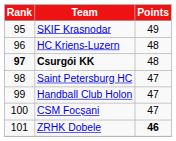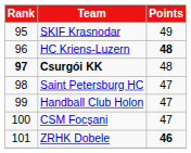 <table class="wikitable" style="text-align: center">
 <tr>
 <th style="color:#FFFFFF; background:#ee1212">Rank</th>
 <th style="color:#FFFFFF; background:#ee1212">Team</th>
 <th style="color:#FFFFFF; background:#ee1212">Points</th>
 </tr>
 <tr>
 <td>95</td>
 <td align=left> <a href='#'>SKIF Krasnodar</a></td>
 <td>49</td>
 </tr>
 <tr>
 <td>96</td>
 <td align=left> <a href='#'>HC Kriens-Luzern</a></td>
-<td>48</td>
+<td><strong>48</strong></td>
 </tr>
 <tr>
 <td><strong>97</strong></td>
 <td align=left> <strong>Csurgói KK</strong></td>
 <td>48</td>
 </tr>
 <tr>
 <td>98</td>
 <td align=left> <a href='#'>Saint Petersburg HC</a></td>
 <td>47</td>
 </tr>
 <tr>
 <td>99</td>
 <td align=left> <a href='#'>Handball Club Holon</a></td>
 <td>47</td>
 </tr>
 <tr>
 <td>100</td>
 <td align=left> <a href='#'>CSM Focșani</a></td>
 <td>47</td>
 </tr>
 <tr>
 <td>101</td>
 <td align=left> <a href='#'>ZRHK Dobele</a></td>
 <td><strong>46</strong></td>
 </tr>
 <tr>
 </tr>
 </table>
